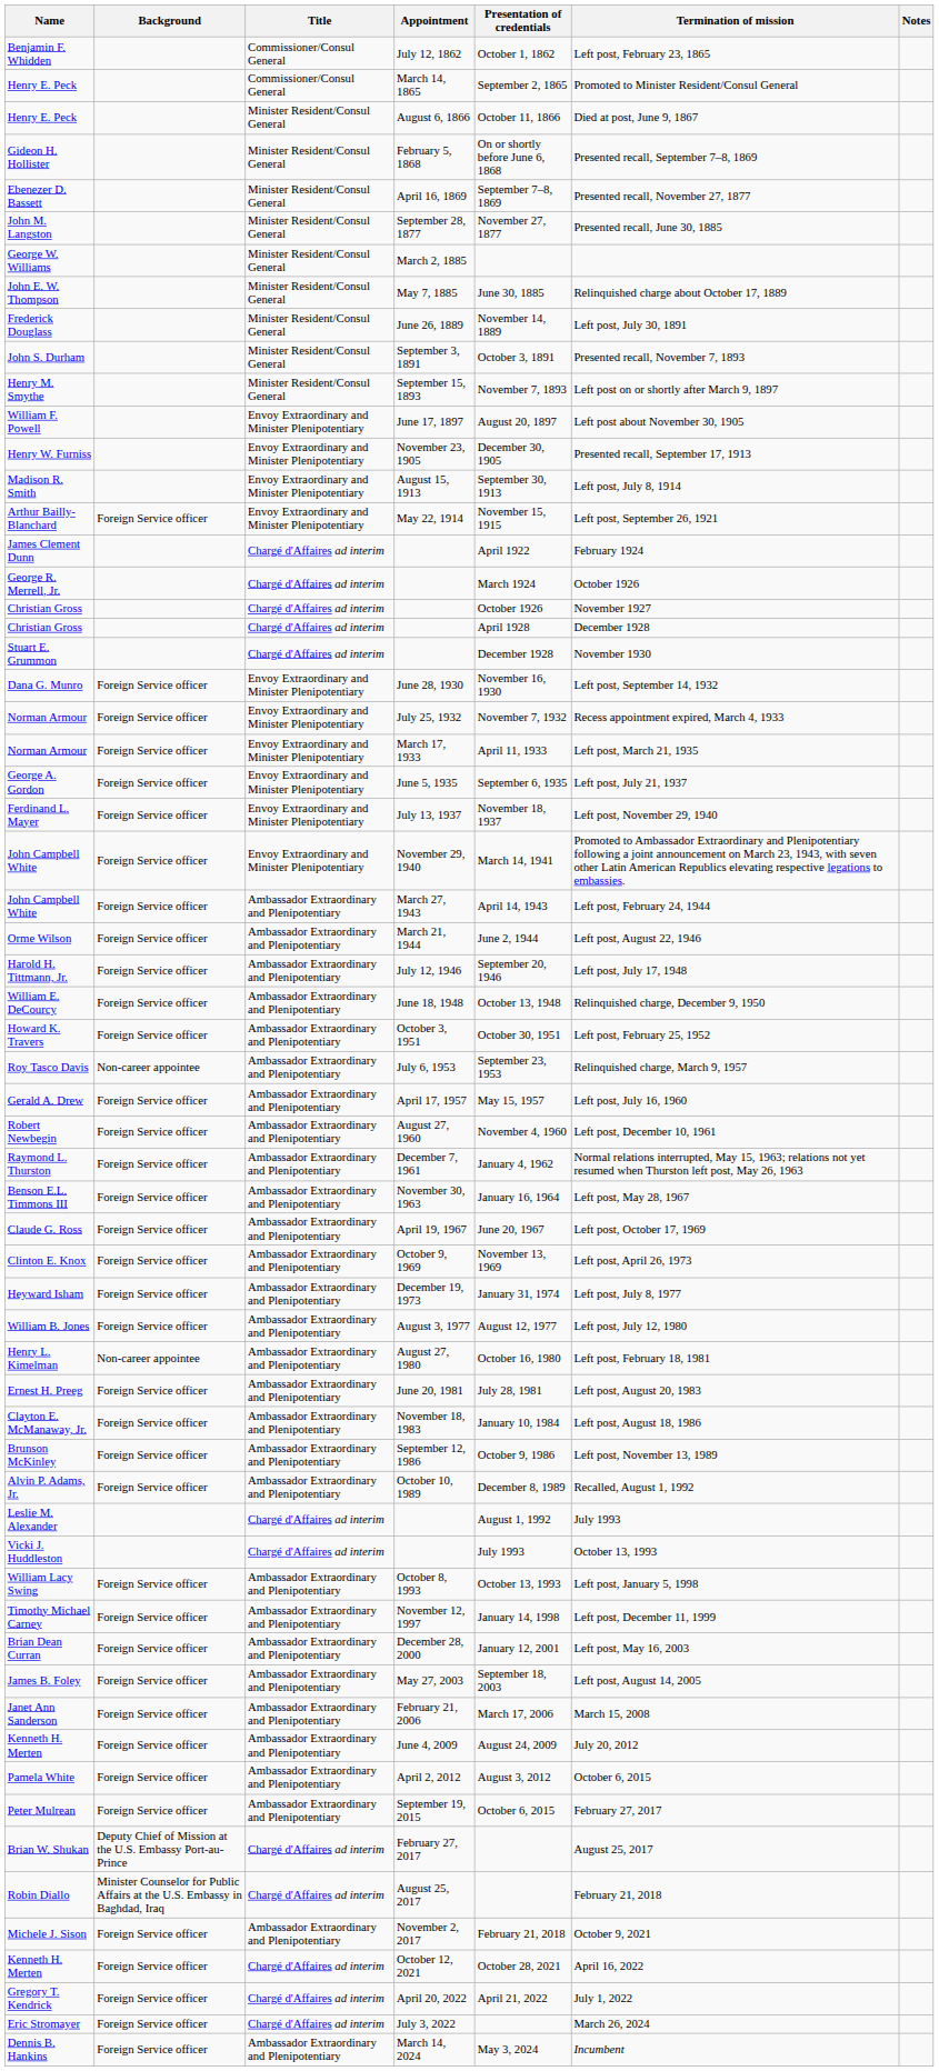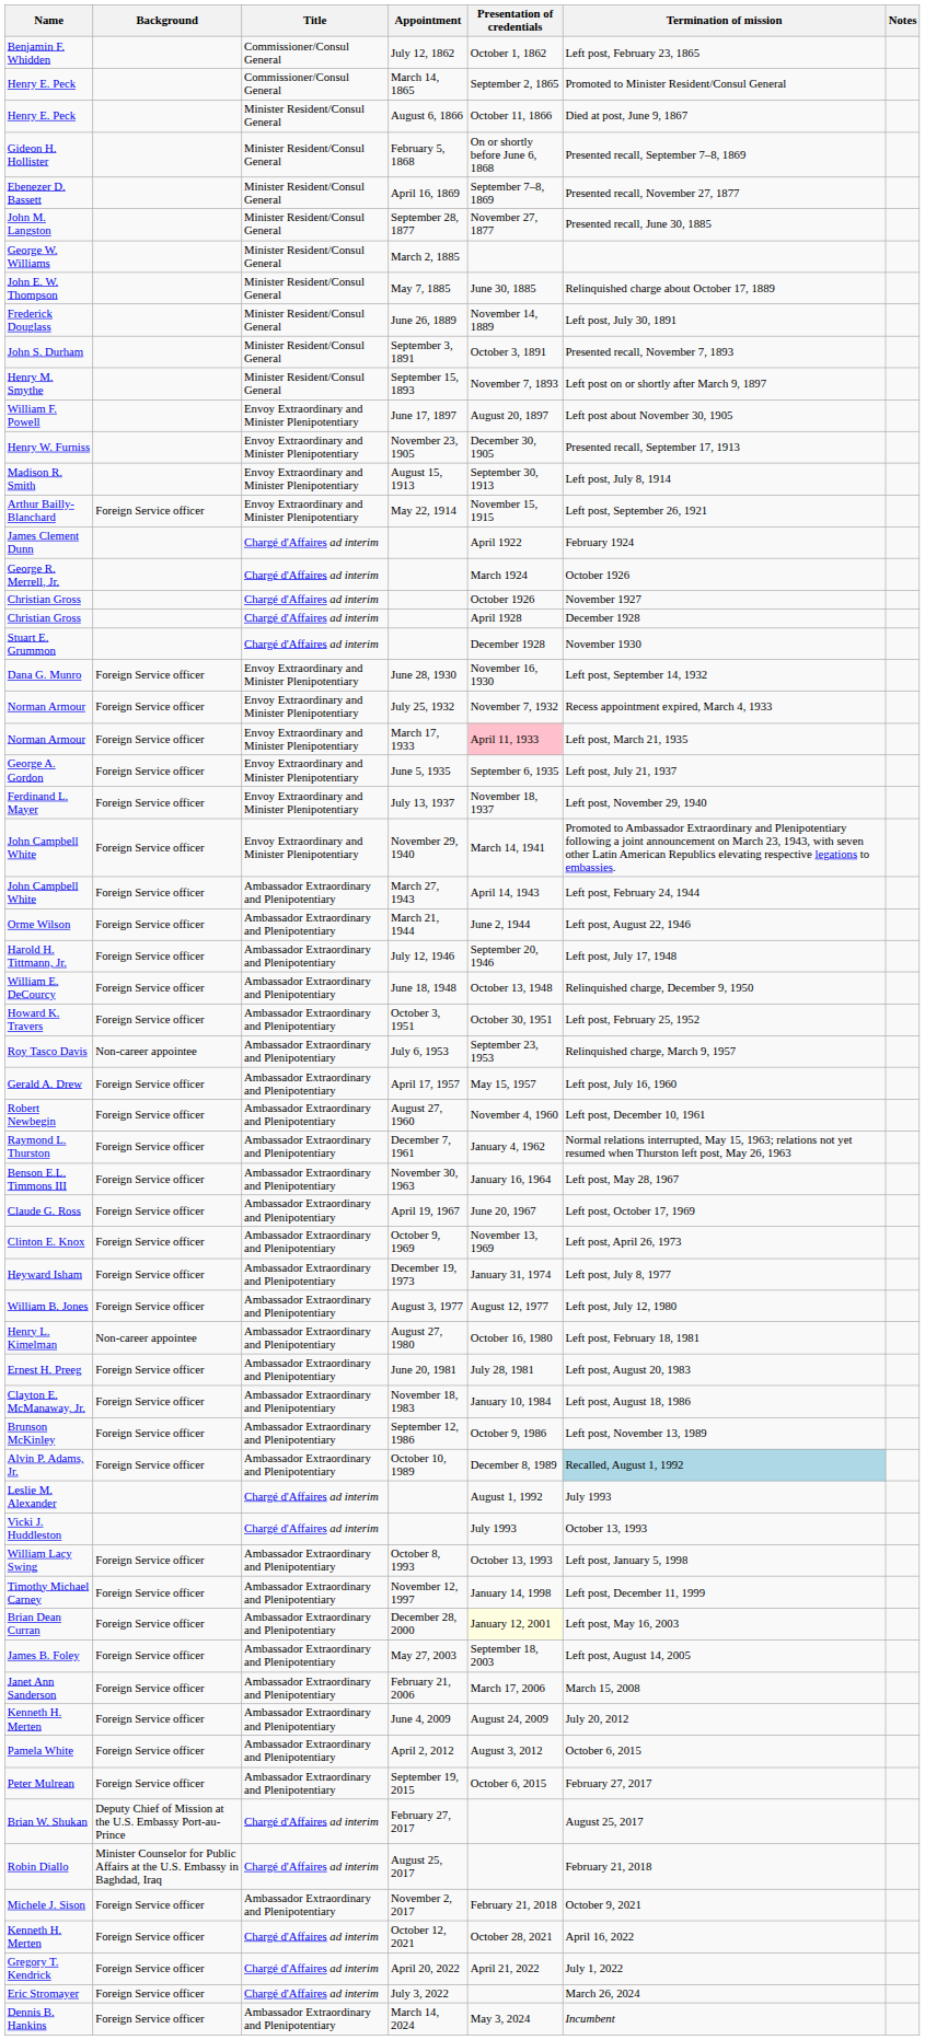 <table class="wikitable">
 <tr>
 <th>Name</th>
 <th>Background</th>
 <th>Title</th>
 <th>Appointment</th>
 <th>Presentation of credentials</th>
 <th>Termination of mission</th>
 <th>Notes</th>
 </tr>
 <tr>
 <td><a href='#'>Benjamin F. Whidden</a></td>
 <td></td>
 <td>Commissioner/Consul General</td>
 <td>July 12, 1862</td>
 <td>October 1, 1862</td>
 <td>Left post, February 23, 1865</td>
 <td></td>
 </tr>
 <tr>
 <td><a href='#'>Henry E. Peck</a></td>
 <td></td>
 <td>Commissioner/Consul General</td>
 <td>March 14, 1865</td>
 <td>September 2, 1865</td>
 <td>Promoted to Minister Resident/Consul General</td>
 <td></td>
 </tr>
 <tr>
 <td><a href='#'>Henry E. Peck</a></td>
 <td></td>
 <td>Minister Resident/Consul General</td>
 <td>August 6, 1866</td>
 <td>October 11, 1866</td>
 <td>Died at post, June 9, 1867</td>
 <td></td>
 </tr>
 <tr>
 <td><a href='#'>Gideon H. Hollister</a></td>
 <td></td>
 <td>Minister Resident/Consul General</td>
 <td>February 5, 1868</td>
 <td>On or shortly before June 6, 1868</td>
 <td>Presented recall, September 7–8, 1869</td>
 <td></td>
 </tr>
 <tr>
 <td><a href='#'>Ebenezer D. Bassett</a></td>
 <td></td>
 <td>Minister Resident/Consul General</td>
 <td>April 16, 1869</td>
 <td>September 7–8, 1869</td>
 <td>Presented recall, November 27, 1877</td>
 <td></td>
 </tr>
 <tr>
 <td><a href='#'>John M. Langston</a></td>
 <td></td>
 <td>Minister Resident/Consul General</td>
 <td>September 28, 1877</td>
 <td>November 27, 1877</td>
 <td>Presented recall, June 30, 1885</td>
 <td></td>
 </tr>
 <tr>
 <td><a href='#'>George W. Williams</a></td>
 <td></td>
 <td>Minister Resident/Consul General</td>
 <td>March 2, 1885</td>
 <td></td>
 <td></td>
 <td></td>
 </tr>
 <tr>
 <td><a href='#'>John E. W. Thompson</a></td>
 <td></td>
 <td>Minister Resident/Consul General</td>
 <td>May 7, 1885</td>
 <td>June 30, 1885</td>
 <td>Relinquished charge about October 17, 1889</td>
 <td></td>
 </tr>
 <tr>
 <td><a href='#'>Frederick Douglass</a></td>
 <td></td>
 <td>Minister Resident/Consul General</td>
 <td>June 26, 1889</td>
 <td>November 14, 1889</td>
 <td>Left post, July 30, 1891</td>
 <td></td>
 </tr>
 <tr>
 <td><a href='#'>John S. Durham</a></td>
 <td></td>
 <td>Minister Resident/Consul General</td>
 <td>September 3, 1891</td>
 <td>October 3, 1891</td>
 <td>Presented recall, November 7, 1893</td>
 <td></td>
 </tr>
 <tr>
 <td><a href='#'>Henry M. Smythe</a></td>
 <td></td>
 <td>Minister Resident/Consul General</td>
 <td>September 15, 1893</td>
 <td>November 7, 1893</td>
 <td>Left post on or shortly after March 9, 1897</td>
 <td></td>
 </tr>
 <tr>
 <td><a href='#'>William F. Powell</a></td>
 <td></td>
 <td>Envoy Extraordinary and Minister Plenipotentiary</td>
 <td>June 17, 1897</td>
 <td>August 20, 1897</td>
 <td>Left post about November 30, 1905</td>
 <td></td>
 </tr>
 <tr>
 <td><a href='#'>Henry W. Furniss</a></td>
 <td></td>
 <td>Envoy Extraordinary and Minister Plenipotentiary</td>
 <td>November 23, 1905</td>
 <td>December 30, 1905</td>
 <td>Presented recall, September 17, 1913</td>
 <td></td>
 </tr>
 <tr>
 <td><a href='#'>Madison R. Smith</a></td>
 <td></td>
 <td>Envoy Extraordinary and Minister Plenipotentiary</td>
 <td>August 15, 1913</td>
 <td>September 30, 1913</td>
 <td>Left post, July 8, 1914</td>
 <td></td>
 </tr>
 <tr>
 <td><a href='#'>Arthur Bailly-Blanchard</a></td>
 <td>Foreign Service officer</td>
 <td>Envoy Extraordinary and Minister Plenipotentiary</td>
 <td>May 22, 1914</td>
 <td>November 15, 1915</td>
 <td>Left post, September 26, 1921</td>
 <td></td>
 </tr>
 <tr>
 <td><a href='#'>James Clement Dunn</a></td>
 <td></td>
 <td><a href='#'>Chargé d'Affaires</a> <em>ad interim</em></td>
 <td></td>
 <td>April 1922</td>
 <td>February 1924</td>
 <td></td>
 </tr>
 <tr>
 <td><a href='#'>George R. Merrell, Jr.</a></td>
 <td></td>
 <td><a href='#'>Chargé d'Affaires</a> <em>ad interim</em></td>
 <td></td>
 <td>March 1924</td>
 <td>October 1926</td>
 <td></td>
 </tr>
 <tr>
 <td><a href='#'>Christian Gross</a></td>
 <td></td>
 <td><a href='#'>Chargé d'Affaires</a> <em>ad interim</em></td>
 <td></td>
 <td>October 1926</td>
 <td>November 1927</td>
 <td></td>
 </tr>
 <tr>
 <td><a href='#'>Christian Gross</a></td>
 <td></td>
 <td><a href='#'>Chargé d'Affaires</a> <em>ad interim</em></td>
 <td></td>
 <td>April 1928</td>
 <td>December 1928</td>
 <td></td>
 </tr>
 <tr>
 <td><a href='#'>Stuart E. Grummon</a></td>
 <td></td>
 <td><a href='#'>Chargé d'Affaires</a> <em>ad interim</em></td>
 <td></td>
 <td>December 1928</td>
 <td>November 1930</td>
 <td></td>
 </tr>
 <tr>
 <td><a href='#'>Dana G. Munro</a></td>
 <td>Foreign Service officer</td>
 <td>Envoy Extraordinary and Minister Plenipotentiary</td>
 <td>June 28, 1930</td>
 <td>November 16, 1930</td>
 <td>Left post, September 14, 1932</td>
 <td></td>
 </tr>
 <tr>
 <td><a href='#'>Norman Armour</a></td>
 <td>Foreign Service officer</td>
 <td>Envoy Extraordinary and Minister Plenipotentiary</td>
 <td>July 25, 1932</td>
 <td>November 7, 1932</td>
 <td>Recess appointment expired, March 4, 1933</td>
 <td></td>
 </tr>
 <tr>
 <td><a href='#'>Norman Armour</a></td>
 <td>Foreign Service officer</td>
 <td>Envoy Extraordinary and Minister Plenipotentiary</td>
 <td>March 17, 1933</td>
-<td>April 11, 1933</td>
+<td style="background: pink;">April 11, 1933</td>
 <td>Left post, March 21, 1935</td>
 <td></td>
 </tr>
 <tr>
 <td><a href='#'>George A. Gordon</a></td>
 <td>Foreign Service officer</td>
 <td>Envoy Extraordinary and Minister Plenipotentiary</td>
 <td>June 5, 1935</td>
 <td>September 6, 1935</td>
 <td>Left post, July 21, 1937</td>
 <td></td>
 </tr>
 <tr>
 <td><a href='#'>Ferdinand L. Mayer</a></td>
 <td>Foreign Service officer</td>
 <td>Envoy Extraordinary and Minister Plenipotentiary</td>
 <td>July 13, 1937</td>
 <td>November 18, 1937</td>
 <td>Left post, November 29, 1940</td>
 <td></td>
 </tr>
 <tr>
 <td><a href='#'>John Campbell White</a></td>
 <td>Foreign Service officer</td>
 <td>Envoy Extraordinary and Minister Plenipotentiary</td>
 <td>November 29, 1940</td>
 <td>March 14, 1941</td>
 <td>Promoted to Ambassador Extraordinary and Plenipotentiary following a joint announcement on March 23, 1943, with seven other Latin American Republics elevating respective <a href='#'>legations</a> to <a href='#'>embassies</a>.</td>
 <td></td>
 </tr>
 <tr>
 <td><a href='#'>John Campbell White</a></td>
 <td>Foreign Service officer</td>
 <td>Ambassador Extraordinary and Plenipotentiary</td>
 <td>March 27, 1943</td>
 <td>April 14, 1943</td>
 <td>Left post, February 24, 1944</td>
 <td></td>
 </tr>
 <tr>
 <td><a href='#'>Orme Wilson</a></td>
 <td>Foreign Service officer</td>
 <td>Ambassador Extraordinary and Plenipotentiary</td>
 <td>March 21, 1944</td>
 <td>June 2, 1944</td>
 <td>Left post, August 22, 1946</td>
 <td></td>
 </tr>
 <tr>
 <td><a href='#'>Harold H. Tittmann, Jr.</a></td>
 <td>Foreign Service officer</td>
 <td>Ambassador Extraordinary and Plenipotentiary</td>
 <td>July 12, 1946</td>
 <td>September 20, 1946</td>
 <td>Left post, July 17, 1948</td>
 <td></td>
 </tr>
 <tr>
 <td><a href='#'>William E. DeCourcy</a></td>
 <td>Foreign Service officer</td>
 <td>Ambassador Extraordinary and Plenipotentiary</td>
 <td>June 18, 1948</td>
 <td>October 13, 1948</td>
 <td>Relinquished charge, December 9, 1950</td>
 <td></td>
 </tr>
 <tr>
 <td><a href='#'>Howard K. Travers</a></td>
 <td>Foreign Service officer</td>
 <td>Ambassador Extraordinary and Plenipotentiary</td>
 <td>October 3, 1951</td>
 <td>October 30, 1951</td>
 <td>Left post, February 25, 1952</td>
 <td></td>
 </tr>
 <tr>
 <td><a href='#'>Roy Tasco Davis</a></td>
 <td>Non-career appointee</td>
 <td>Ambassador Extraordinary and Plenipotentiary</td>
 <td>July 6, 1953</td>
 <td>September 23, 1953</td>
 <td>Relinquished charge, March 9, 1957</td>
 <td></td>
 </tr>
 <tr>
 <td><a href='#'>Gerald A. Drew</a></td>
 <td>Foreign Service officer</td>
 <td>Ambassador Extraordinary and Plenipotentiary</td>
 <td>April 17, 1957</td>
 <td>May 15, 1957</td>
 <td>Left post, July 16, 1960</td>
 <td></td>
 </tr>
 <tr>
 <td><a href='#'>Robert Newbegin</a></td>
 <td>Foreign Service officer</td>
 <td>Ambassador Extraordinary and Plenipotentiary</td>
 <td>August 27, 1960</td>
 <td>November 4, 1960</td>
 <td>Left post, December 10, 1961</td>
 <td></td>
 </tr>
 <tr>
 <td><a href='#'>Raymond L. Thurston</a></td>
 <td>Foreign Service officer</td>
 <td>Ambassador Extraordinary and Plenipotentiary</td>
 <td>December 7, 1961</td>
 <td>January 4, 1962</td>
 <td>Normal relations interrupted, May 15, 1963; relations not yet resumed when Thurston left post, May 26, 1963</td>
 <td></td>
 </tr>
 <tr>
 <td><a href='#'>Benson E.L. Timmons III</a></td>
 <td>Foreign Service officer</td>
 <td>Ambassador Extraordinary and Plenipotentiary</td>
 <td>November 30, 1963</td>
 <td>January 16, 1964</td>
 <td>Left post, May 28, 1967</td>
 <td></td>
 </tr>
 <tr>
 <td><a href='#'>Claude G. Ross</a></td>
 <td>Foreign Service officer</td>
 <td>Ambassador Extraordinary and Plenipotentiary</td>
 <td>April 19, 1967</td>
 <td>June 20, 1967</td>
 <td>Left post, October 17, 1969</td>
 <td></td>
 </tr>
 <tr>
 <td><a href='#'>Clinton E. Knox</a></td>
 <td>Foreign Service officer</td>
 <td>Ambassador Extraordinary and Plenipotentiary</td>
 <td>October 9, 1969</td>
 <td>November 13, 1969</td>
 <td>Left post, April 26, 1973</td>
 <td></td>
 </tr>
 <tr>
 <td><a href='#'>Heyward Isham</a></td>
 <td>Foreign Service officer</td>
 <td>Ambassador Extraordinary and Plenipotentiary</td>
 <td>December 19, 1973</td>
 <td>January 31, 1974</td>
 <td>Left post, July 8, 1977</td>
 <td></td>
 </tr>
 <tr>
 <td><a href='#'>William B. Jones</a></td>
 <td>Foreign Service officer</td>
 <td>Ambassador Extraordinary and Plenipotentiary</td>
 <td>August 3, 1977</td>
 <td>August 12, 1977</td>
 <td>Left post, July 12, 1980</td>
 <td></td>
 </tr>
 <tr>
 <td><a href='#'>Henry L. Kimelman</a></td>
 <td>Non-career appointee</td>
 <td>Ambassador Extraordinary and Plenipotentiary</td>
 <td>August 27, 1980</td>
 <td>October 16, 1980</td>
 <td>Left post, February 18, 1981</td>
 <td></td>
 </tr>
 <tr>
 <td><a href='#'>Ernest H. Preeg</a></td>
 <td>Foreign Service officer</td>
 <td>Ambassador Extraordinary and Plenipotentiary</td>
 <td>June 20, 1981</td>
 <td>July 28, 1981</td>
 <td>Left post, August 20, 1983</td>
 <td></td>
 </tr>
 <tr>
 <td><a href='#'>Clayton E. McManaway, Jr.</a></td>
 <td>Foreign Service officer</td>
 <td>Ambassador Extraordinary and Plenipotentiary</td>
 <td>November 18, 1983</td>
 <td>January 10, 1984</td>
 <td>Left post, August 18, 1986</td>
 <td></td>
 </tr>
 <tr>
 <td><a href='#'>Brunson McKinley</a></td>
 <td>Foreign Service officer</td>
 <td>Ambassador Extraordinary and Plenipotentiary</td>
 <td>September 12, 1986</td>
 <td>October 9, 1986</td>
 <td>Left post, November 13, 1989</td>
 <td></td>
 </tr>
 <tr>
 <td><a href='#'>Alvin P. Adams, Jr.</a></td>
 <td>Foreign Service officer</td>
 <td>Ambassador Extraordinary and Plenipotentiary</td>
 <td>October 10, 1989</td>
 <td>December 8, 1989</td>
-<td>Recalled, August 1, 1992</td>
+<td style="background: lightblue;">Recalled, August 1, 1992</td>
 <td></td>
 </tr>
 <tr>
 <td><a href='#'>Leslie M. Alexander</a></td>
 <td></td>
 <td><a href='#'>Chargé d'Affaires</a> <em>ad interim</em></td>
 <td></td>
 <td>August 1,  1992</td>
 <td>July 1993</td>
 <td></td>
 </tr>
 <tr>
 <td><a href='#'>Vicki J. Huddleston</a></td>
 <td></td>
 <td><a href='#'>Chargé d'Affaires</a> <em>ad interim</em></td>
 <td></td>
 <td>July 1993</td>
 <td>October 13, 1993</td>
 <td></td>
 </tr>
 <tr>
 <td><a href='#'>William Lacy Swing</a></td>
 <td>Foreign Service officer</td>
 <td>Ambassador Extraordinary and Plenipotentiary</td>
 <td>October 8, 1993</td>
 <td>October 13, 1993</td>
 <td>Left post, January 5, 1998</td>
 <td></td>
 </tr>
 <tr>
 <td><a href='#'>Timothy Michael Carney</a></td>
 <td>Foreign Service officer</td>
 <td>Ambassador Extraordinary and Plenipotentiary</td>
 <td>November 12, 1997</td>
 <td>January 14, 1998</td>
 <td>Left post, December 11, 1999</td>
 <td></td>
 </tr>
 <tr>
 <td><a href='#'>Brian Dean Curran</a></td>
 <td>Foreign Service officer</td>
 <td>Ambassador Extraordinary and Plenipotentiary</td>
 <td>December 28, 2000</td>
-<td>January 12, 2001</td>
+<td style="background: lightyellow;">January 12, 2001</td>
 <td>Left post, May 16, 2003</td>
 <td></td>
 </tr>
 <tr>
 <td><a href='#'>James B. Foley</a></td>
 <td>Foreign Service officer</td>
 <td>Ambassador Extraordinary and Plenipotentiary</td>
 <td>May 27, 2003</td>
 <td>September 18, 2003</td>
 <td>Left post, August 14, 2005</td>
 <td></td>
 </tr>
 <tr>
 <td><a href='#'>Janet Ann Sanderson</a></td>
 <td>Foreign Service officer</td>
 <td>Ambassador Extraordinary and Plenipotentiary</td>
 <td>February 21, 2006</td>
 <td>March 17, 2006</td>
 <td>March 15, 2008</td>
 <td></td>
 </tr>
 <tr>
 <td><a href='#'>Kenneth H. Merten</a></td>
 <td>Foreign Service officer</td>
 <td>Ambassador Extraordinary and Plenipotentiary</td>
 <td>June 4, 2009</td>
 <td>August 24, 2009</td>
 <td>July 20, 2012</td>
 <td></td>
 </tr>
 <tr>
 <td><a href='#'>Pamela White</a></td>
 <td>Foreign Service officer</td>
 <td>Ambassador Extraordinary and Plenipotentiary</td>
 <td>April 2, 2012</td>
 <td>August 3, 2012</td>
 <td>October 6, 2015</td>
 <td></td>
 </tr>
 <tr>
 <td><a href='#'>Peter Mulrean</a></td>
 <td>Foreign Service officer</td>
 <td>Ambassador Extraordinary and Plenipotentiary</td>
 <td>September 19, 2015</td>
 <td>October 6, 2015</td>
 <td>February 27, 2017</td>
 <td></td>
 </tr>
 <tr>
 <td><a href='#'>Brian W. Shukan</a></td>
 <td>Deputy Chief of Mission at the U.S. Embassy Port-au-Prince</td>
 <td><a href='#'>Chargé d'Affaires</a> <em>ad interim</em></td>
 <td>February 27, 2017</td>
 <td></td>
 <td>August 25, 2017</td>
 <td></td>
 </tr>
 <tr>
 <td><a href='#'>Robin Diallo</a></td>
 <td>Minister Counselor for Public Affairs at the U.S. Embassy in Baghdad, Iraq</td>
 <td><a href='#'>Chargé d'Affaires</a> <em>ad interim</em></td>
 <td>August 25, 2017</td>
 <td></td>
 <td>February 21, 2018</td>
 <td></td>
 </tr>
 <tr>
 <td><a href='#'>Michele J. Sison</a></td>
 <td>Foreign Service officer</td>
 <td>Ambassador Extraordinary and Plenipotentiary</td>
 <td>November 2, 2017</td>
 <td>February 21, 2018</td>
 <td>October 9, 2021</td>
 <td></td>
 </tr>
 <tr>
 <td><a href='#'>Kenneth H. Merten</a></td>
 <td>Foreign Service officer</td>
 <td><a href='#'>Chargé d'Affaires</a> <em>ad interim</em></td>
 <td>October 12, 2021</td>
 <td>October 28, 2021</td>
 <td>April 16, 2022</td>
 <td></td>
 </tr>
 <tr>
 <td><a href='#'>Gregory T. Kendrick</a></td>
 <td>Foreign Service officer</td>
 <td><a href='#'>Chargé d'Affaires</a> <em>ad interim</em></td>
 <td>April 20, 2022</td>
 <td>April 21, 2022</td>
 <td>July 1, 2022</td>
 <td></td>
 </tr>
 <tr>
 <td><a href='#'>Eric Stromayer</a></td>
 <td>Foreign Service officer</td>
 <td><a href='#'>Chargé d'Affaires</a> <em>ad interim</em></td>
 <td>July 3, 2022</td>
 <td></td>
 <td>March 26, 2024</td>
 <td></td>
 </tr>
 <tr>
 <td><a href='#'>Dennis B. Hankins</a></td>
 <td>Foreign Service officer</td>
 <td>Ambassador Extraordinary and Plenipotentiary</td>
 <td>March 14, 2024</td>
 <td>May 3, 2024</td>
 <td><em>Incumbent</em></td>
 <td></td>
 </tr>
 </table>
